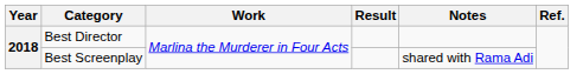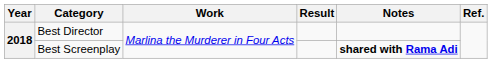 <table class="wikitable plainrowheaders sortable">
 <tr>
 <th>Year</th>
 <th>Category</th>
 <th>Work</th>
 <th>Result</th>
 <th>Notes</th>
 <th class="unsortable">Ref.</th>
 </tr>
 <tr>
 <th rowspan="2">2018</th>
 <td>Best Director</td>
 <td rowspan="2"><em><a href='#'>Marlina the Murderer in Four Acts</a></em></td>
 <td></td>
 <td></td>
 <td rowspan="2"></td>
 </tr>
 <tr>
 <td>Best Screenplay</td>
 <td></td>
-<td>shared with <a href='#'>Rama Adi</a></td>
+<td><strong>shared with <a href='#'>Rama Adi</a></strong></td>
 </tr>
 </table>
